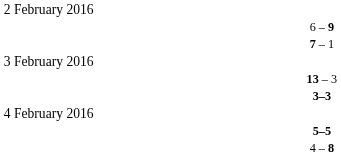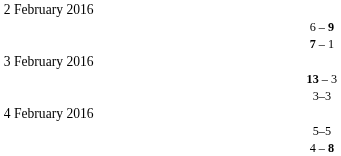 <table style="width:70%;" cellspacing="1">
 <tr>
 <th width=35%></th>
 <th width=15%></th>
 <th></th>
 </tr>
 <tr>
 <td>2 February 2016</td>
 </tr>
 <tr style=font-size:90%>
 <td align=right></td>
 <td align=center>6 – <strong>9</strong></td>
 <td><strong></strong></td>
 </tr>
 <tr style=font-size:90%>
 <td align=right><strong></strong></td>
 <td align=center><strong>7</strong> – 1</td>
 <td></td>
 </tr>
 <tr>
 <td>3 February 2016</td>
 </tr>
 <tr style=font-size:90%>
 <td align=right><strong></strong></td>
 <td align=center><strong>13</strong> – 3</td>
 <td></td>
 </tr>
 <tr style=font-size:90%>
 <td align=right></td>
-<td align=center><strong>3–3</strong></td>
+<td align=center>3–3</td>
 <td></td>
 </tr>
 <tr>
 <td>4 February 2016</td>
 </tr>
 <tr style=font-size:90%>
 <td align=right></td>
-<td align=center><strong>5–5</strong></td>
+<td align=center>5–5</td>
 <td></td>
 </tr>
 <tr style=font-size:90%>
 <td align=right></td>
 <td align=center>4 – <strong>8</strong></td>
 <td><strong></strong></td>
 </tr>
 </table>
